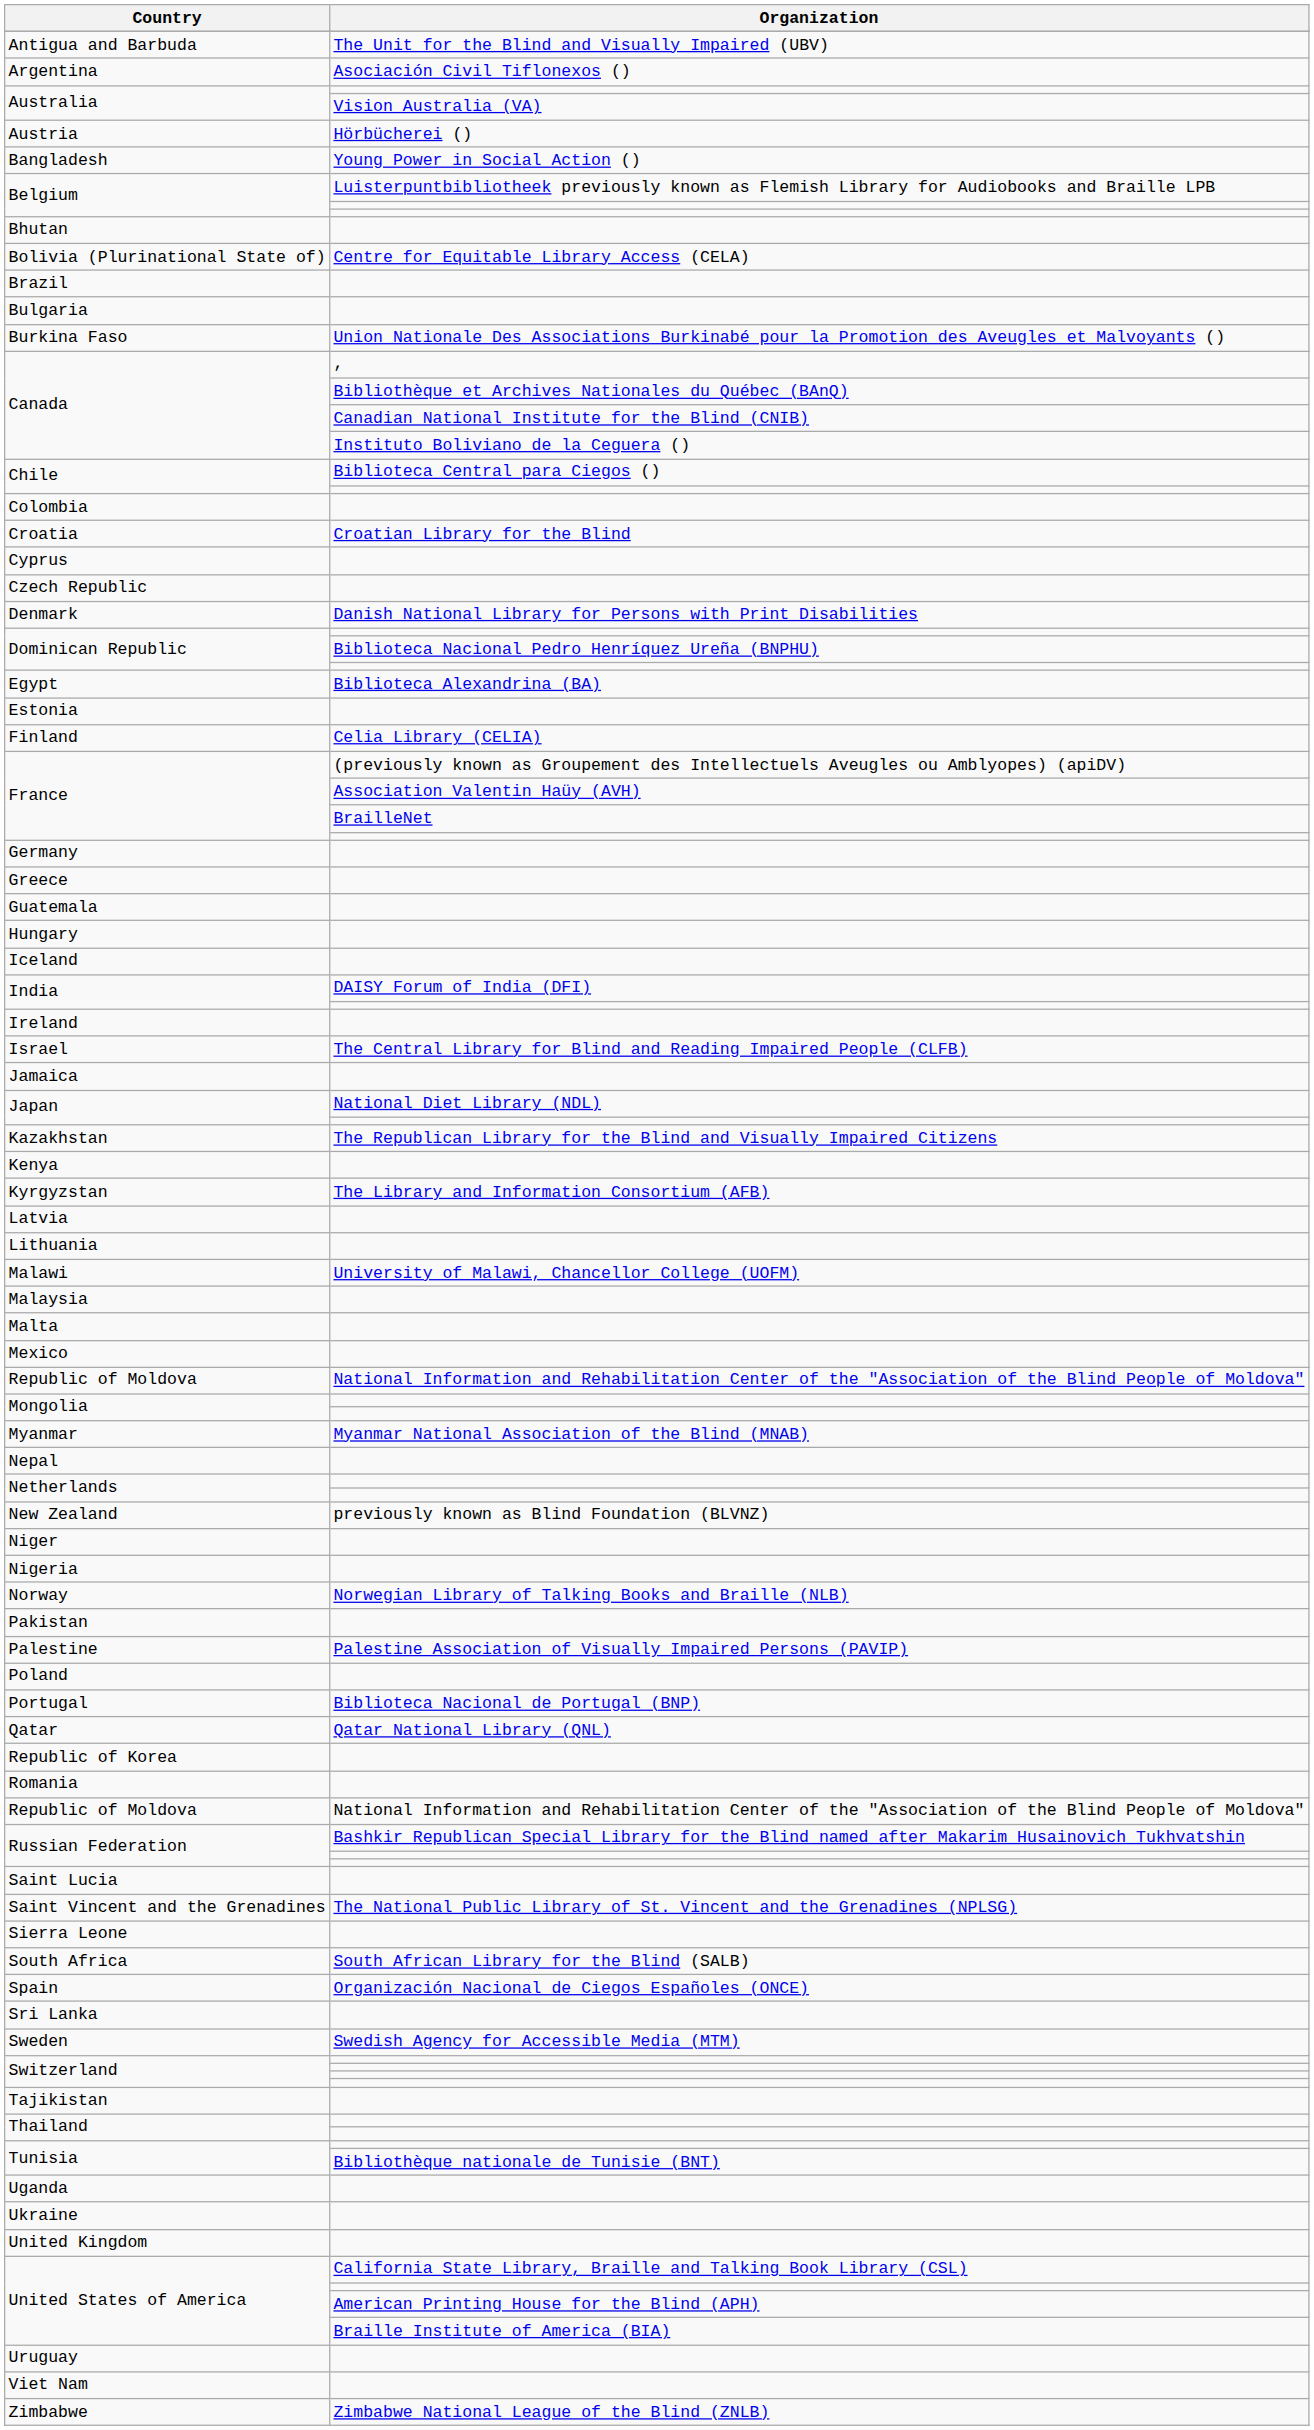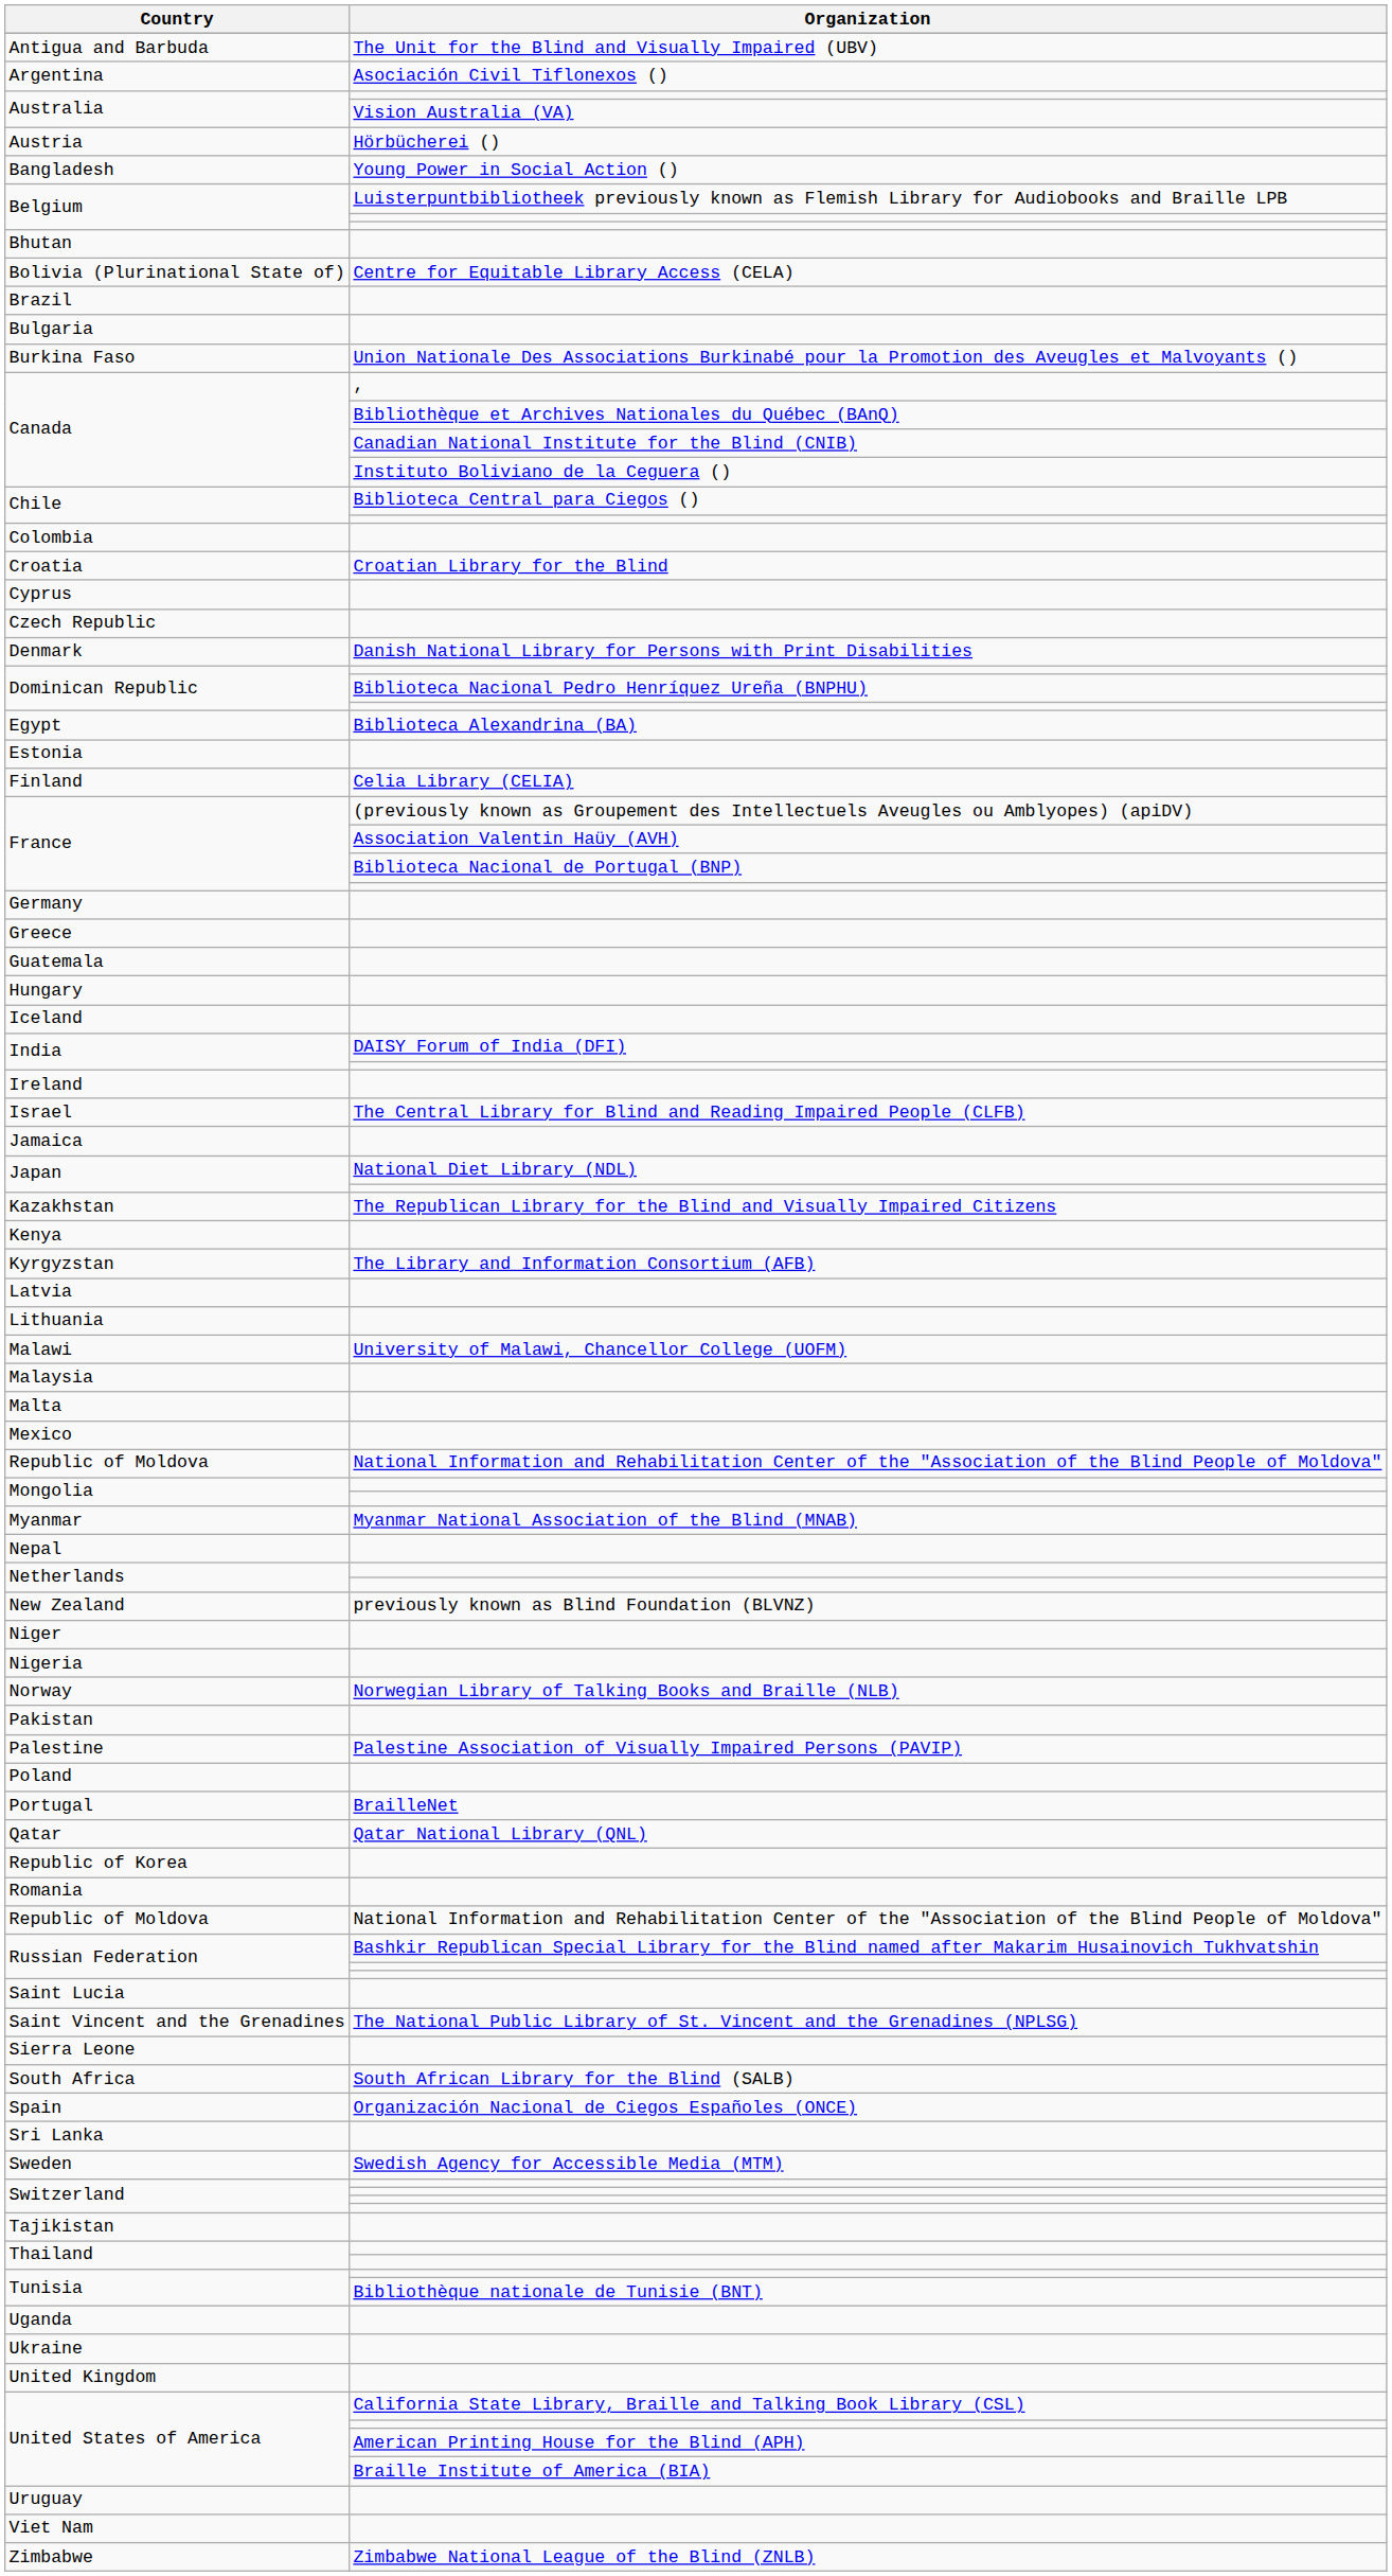 <table class="wikitable">
 <tr>
 <th>Country</th>
 <th>Organization</th>
 </tr>
 <tr>
 </tr>
 <tr>
 <td>Antigua and Barbuda</td>
 <td><a href='#'>The Unit for the Blind and Visually Impaired</a> (UBV)</td>
 </tr>
 <tr>
 <td>Argentina</td>
 <td><a href='#'>Asociación Civil Tiflonexos</a> ()</td>
 </tr>
 <tr>
 <td rowspan="2">Australia</td>
 <td></td>
 </tr>
 <tr>
 <td><a href='#'>Vision Australia (VA)</a></td>
 </tr>
 <tr>
 <td>Austria</td>
 <td><a href='#'>Hörbücherei</a> ()</td>
 </tr>
 <tr>
 <td>Bangladesh</td>
 <td><a href='#'>Young Power in Social Action</a> ()</td>
 </tr>
 <tr>
 <td rowspan="3">Belgium</td>
 <td><a href='#'>Luisterpuntbibliotheek</a> previously known as Flemish Library for Audiobooks and Braille LPB</td>
 </tr>
 <tr>
 <td></td>
 </tr>
 <tr>
 <td></td>
 </tr>
 <tr>
 <td>Bhutan</td>
 <td></td>
 </tr>
 <tr>
 <td>Bolivia (Plurinational State of)</td>
 <td><a href='#'>Centre for Equitable Library Access</a> (CELA)</td>
 </tr>
 <tr>
 <td>Brazil</td>
 <td></td>
 </tr>
 <tr>
 <td>Bulgaria</td>
 <td></td>
 </tr>
 <tr>
 <td>Burkina Faso</td>
 <td><a href='#'>Union Nationale Des Associations Burkinabé pour la Promotion des Aveugles et Malvoyants</a> ()</td>
 </tr>
 <tr>
 <td rowspan="4">Canada</td>
 <td>, </td>
 </tr>
 <tr>
 <td><a href='#'>Bibliothèque et Archives Nationales du Québec (BAnQ)</a></td>
 </tr>
 <tr>
 <td><a href='#'>Canadian National Institute for the Blind (CNIB)</a></td>
 </tr>
 <tr>
 <td><a href='#'>Instituto Boliviano de la Ceguera</a> ()</td>
 </tr>
 <tr>
 <td rowspan="2">Chile</td>
 <td><a href='#'>Biblioteca Central para Ciegos</a> ()</td>
 </tr>
 <tr>
 <td></td>
 </tr>
 <tr>
 <td>Colombia</td>
 <td> </td>
 </tr>
 <tr>
 <td>Croatia</td>
 <td><a href='#'>Croatian Library for the Blind</a> </td>
 </tr>
 <tr>
 <td>Cyprus</td>
 <td></td>
 </tr>
 <tr>
 <td>Czech Republic</td>
 <td></td>
 </tr>
 <tr>
 <td>Denmark</td>
 <td><a href='#'>Danish National Library for Persons with Print Disabilities</a> </td>
 </tr>
 <tr>
 <td rowspan="3">Dominican Republic</td>
 <td></td>
 </tr>
 <tr>
 <td><a href='#'>Biblioteca Nacional Pedro Henríquez Ureña (BNPHU)</a></td>
 </tr>
 <tr>
 <td></td>
 </tr>
 <tr>
 <td>Egypt</td>
 <td><a href='#'>Biblioteca Alexandrina (BA)</a></td>
 </tr>
 <tr>
 <td>Estonia</td>
 <td></td>
 </tr>
 <tr>
 <td>Finland</td>
 <td><a href='#'>Celia Library (CELIA)</a></td>
 </tr>
 <tr>
 <td rowspan="4">France</td>
 <td> (previously known as Groupement des Intellectuels Aveugles ou Amblyopes) (apiDV)</td>
 </tr>
 <tr>
 <td><a href='#'>Association Valentin Haüy (AVH)</a></td>
 </tr>
 <tr>
-<td><a href='#'>BrailleNet</a></td>
+<td><a href='#'>Biblioteca Nacional de Portugal (BNP)</a></td>
 </tr>
 <tr>
 <td></td>
 </tr>
 <tr>
 <td>Germany</td>
 <td></td>
 </tr>
 <tr>
 <td>Greece</td>
 <td></td>
 </tr>
 <tr>
 <td>Guatemala</td>
 <td></td>
 </tr>
 <tr>
 <td>Hungary</td>
 <td></td>
 </tr>
 <tr>
 <td>Iceland</td>
 <td></td>
 </tr>
 <tr>
 <td rowspan="2">India</td>
 <td><a href='#'>DAISY Forum of India (DFI)</a></td>
 </tr>
 <tr>
 <td></td>
 </tr>
 <tr>
 <td>Ireland</td>
 <td></td>
 </tr>
 <tr>
 <td>Israel</td>
 <td><a href='#'>The Central Library for Blind and Reading Impaired People (CLFB)</a></td>
 </tr>
 <tr>
 <td>Jamaica</td>
 <td></td>
 </tr>
 <tr>
 <td rowspan="2">Japan</td>
 <td><a href='#'>National Diet Library (NDL)</a></td>
 </tr>
 <tr>
 <td></td>
 </tr>
 <tr>
 <td>Kazakhstan</td>
 <td><a href='#'>The Republican Library for the Blind and Visually Impaired Citizens</a></td>
 </tr>
 <tr>
 <td>Kenya</td>
 <td></td>
 </tr>
 <tr>
 <td>Kyrgyzstan</td>
 <td><a href='#'>The Library and Information Consortium (AFB)</a></td>
 </tr>
 <tr>
 <td>Latvia</td>
 <td></td>
 </tr>
 <tr>
 <td>Lithuania</td>
 <td></td>
 </tr>
 <tr>
 <td>Malawi</td>
 <td><a href='#'>University of Malawi, Chancellor College (UOFM)</a></td>
 </tr>
 <tr>
 <td>Malaysia</td>
 <td></td>
 </tr>
 <tr>
 <td>Malta</td>
 <td></td>
 </tr>
 <tr>
 <td>Mexico</td>
 <td> </td>
 </tr>
 <tr>
 <td>Republic of Moldova</td>
 <td><a href='#'>National Information and Rehabilitation Center of the "Association of the Blind People of Moldova"</a></td>
 </tr>
 <tr>
 <td rowspan="2">Mongolia</td>
 <td></td>
 </tr>
 <tr>
 <td></td>
 </tr>
 <tr>
 <td>Myanmar</td>
 <td><a href='#'>Myanmar National Association of the Blind (MNAB)</a></td>
 </tr>
 <tr>
 <td>Nepal</td>
 <td></td>
 </tr>
 <tr>
 <td rowspan="2">Netherlands</td>
 <td></td>
 </tr>
 <tr>
 <td></td>
 </tr>
 <tr>
 <td>New Zealand</td>
 <td> previously known as Blind Foundation (BLVNZ)</td>
 </tr>
 <tr>
 <td>Niger</td>
 <td></td>
 </tr>
 <tr>
 <td>Nigeria</td>
 <td></td>
 </tr>
 <tr>
 <td>Norway</td>
 <td><a href='#'>Norwegian Library of Talking Books and Braille (NLB)</a></td>
 </tr>
 <tr>
 <td>Pakistan</td>
 <td></td>
 </tr>
 <tr>
 <td>Palestine</td>
 <td><a href='#'>Palestine Association of Visually Impaired Persons (PAVIP)</a></td>
 </tr>
 <tr>
 <td>Poland</td>
 <td></td>
 </tr>
 <tr>
 <td>Portugal</td>
-<td><a href='#'>Biblioteca Nacional de Portugal (BNP)</a></td>
+<td><a href='#'>BrailleNet</a></td>
 </tr>
 <tr>
 <td>Qatar</td>
 <td><a href='#'>Qatar National Library (QNL)</a></td>
 </tr>
 <tr>
 <td>Republic of Korea</td>
 <td></td>
 </tr>
 <tr>
 <td>Romania</td>
 <td></td>
 </tr>
 <tr>
 <td>Republic of Moldova</td>
 <td>National Information and Rehabilitation Center of the "Association of the Blind People of Moldova"</td>
 </tr>
 <tr>
 <td rowspan="3">Russian Federation</td>
 <td><a href='#'>Bashkir Republican Special Library for the Blind named after Makarim Husainovich Tukhvatshin</a></td>
 </tr>
 <tr>
 <td></td>
 </tr>
 <tr>
 <td></td>
 </tr>
 <tr>
 <td>Saint Lucia</td>
 <td></td>
 </tr>
 <tr>
 <td>Saint Vincent and the Grenadines</td>
 <td><a href='#'>The National Public Library of St. Vincent and the Grenadines (NPLSG)</a></td>
 </tr>
 <tr>
 <td>Sierra Leone</td>
 <td></td>
 </tr>
 <tr>
 <td>South Africa</td>
 <td><a href='#'>South African Library for the Blind</a> (SALB)</td>
 </tr>
 <tr>
 <td>Spain</td>
 <td><a href='#'>Organización Nacional de Ciegos Españoles (ONCE)</a></td>
 </tr>
 <tr>
 <td>Sri Lanka</td>
 <td> </td>
 </tr>
 <tr>
 <td>Sweden</td>
 <td><a href='#'>Swedish Agency for Accessible Media (MTM)</a></td>
 </tr>
 <tr>
 <td rowspan="4">Switzerland</td>
 <td> </td>
 </tr>
 <tr>
 <td></td>
 </tr>
 <tr>
 <td></td>
 </tr>
 <tr>
 <td></td>
 </tr>
 <tr>
 <td>Tajikistan</td>
 <td></td>
 </tr>
 <tr>
 <td rowspan="2">Thailand</td>
 <td> </td>
 </tr>
 <tr>
 <td></td>
 </tr>
 <tr>
 <td rowspan="2">Tunisia</td>
 <td></td>
 </tr>
 <tr>
 <td><a href='#'>Bibliothèque nationale de Tunisie (BNT)</a></td>
 </tr>
 <tr>
 <td>Uganda</td>
 <td></td>
 </tr>
 <tr>
 <td>Ukraine</td>
 <td></td>
 </tr>
 <tr>
 <td>United Kingdom</td>
 <td></td>
 </tr>
 <tr>
 <td rowspan="4">United States of America</td>
 <td><a href='#'>California State Library, Braille and Talking Book Library (CSL)</a></td>
 </tr>
 <tr>
 <td></td>
 </tr>
 <tr>
 <td><a href='#'>American Printing House for the Blind (APH)</a></td>
 </tr>
 <tr>
 <td><a href='#'>Braille Institute of America (BIA)</a></td>
 </tr>
 <tr>
 <td>Uruguay</td>
 <td></td>
 </tr>
 <tr>
 <td>Viet Nam</td>
 <td></td>
 </tr>
 <tr>
 <td>Zimbabwe</td>
 <td><a href='#'>Zimbabwe National League of the Blind (ZNLB)</a></td>
 </tr>
 </table>
